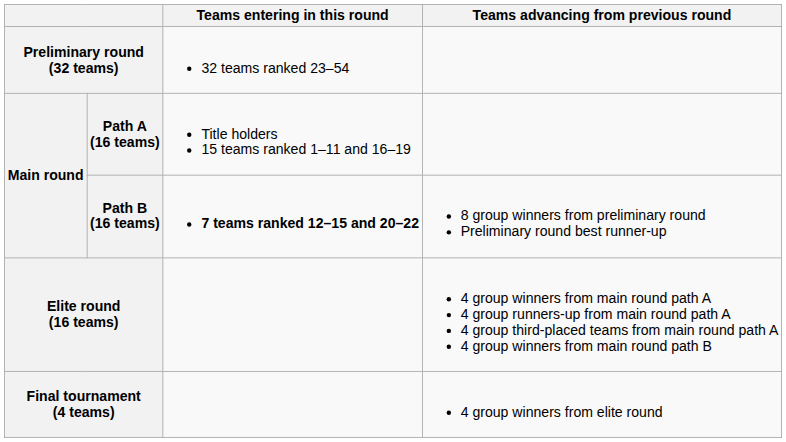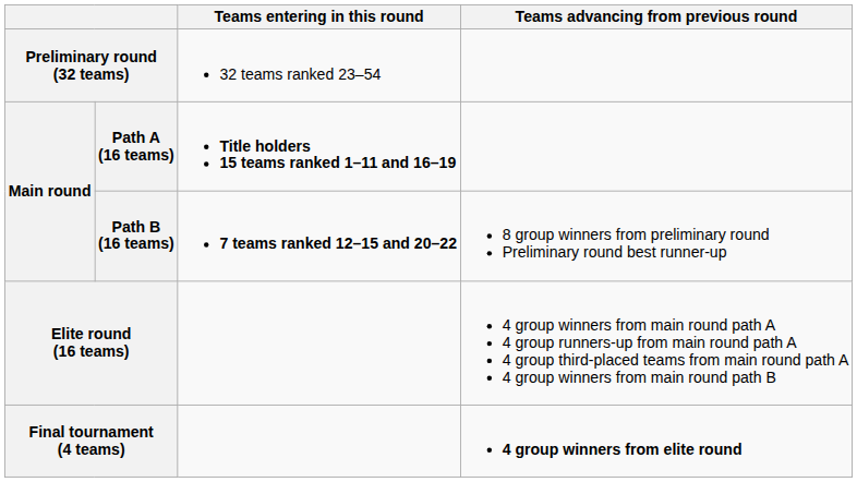 <table class="wikitable">
 <tr>
 <th colspan=2></th>
 <th>Teams entering in this round</th>
 <th>Teams advancing from previous round</th>
 </tr>
 <tr>
 <th colspan=2>Preliminary round<br>(32 teams)</th>
 <td><br><ul><li>32 teams ranked 23–54</li></ul></td>
 <td></td>
 </tr>
 <tr>
 <th rowspan=2>Main round</th>
 <th>Path A<br>(16 teams)</th>
-<td><br><ul><li>Title holders</li><li>15 teams ranked 1–11 and 16–19</li></ul></td>
+<td><strong><br><ul><li>Title holders</li><li>15 teams ranked 1–11 and 16–19</li></ul></strong></td>
 <td></td>
 </tr>
 <tr>
 <th>Path B<br>(16 teams)</th>
 <td><strong><br><ul><li>7 teams ranked 12–15 and 20–22</li></ul></strong></td>
 <td><br><ul><li>8 group winners from preliminary round</li><li>Preliminary round best runner-up</li></ul></td>
 </tr>
 <tr>
 <th colspan=2>Elite round<br>(16 teams)</th>
 <td></td>
 <td><br><ul><li>4 group winners from main round path A</li><li>4 group runners-up from main round path A</li><li>4 group third-placed teams from main round path A</li><li>4 group winners from main round path B</li></ul></td>
 </tr>
 <tr>
 <th colspan=2>Final tournament<br>(4 teams)</th>
 <td></td>
-<td><br><ul><li>4 group winners from elite round</li></ul></td>
+<td><strong><br><ul><li>4 group winners from elite round</li></ul></strong></td>
 </tr>
 </table>
